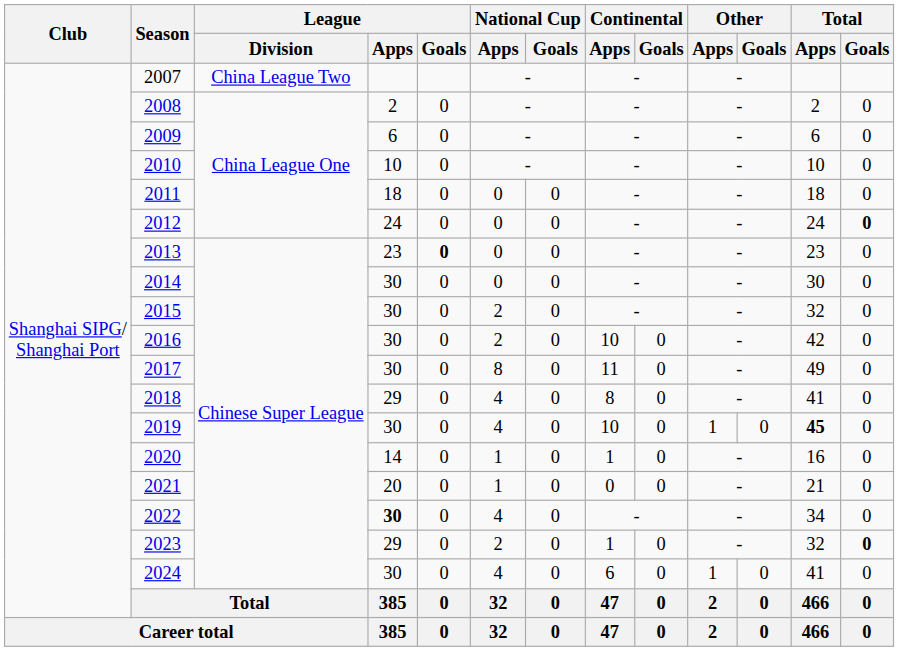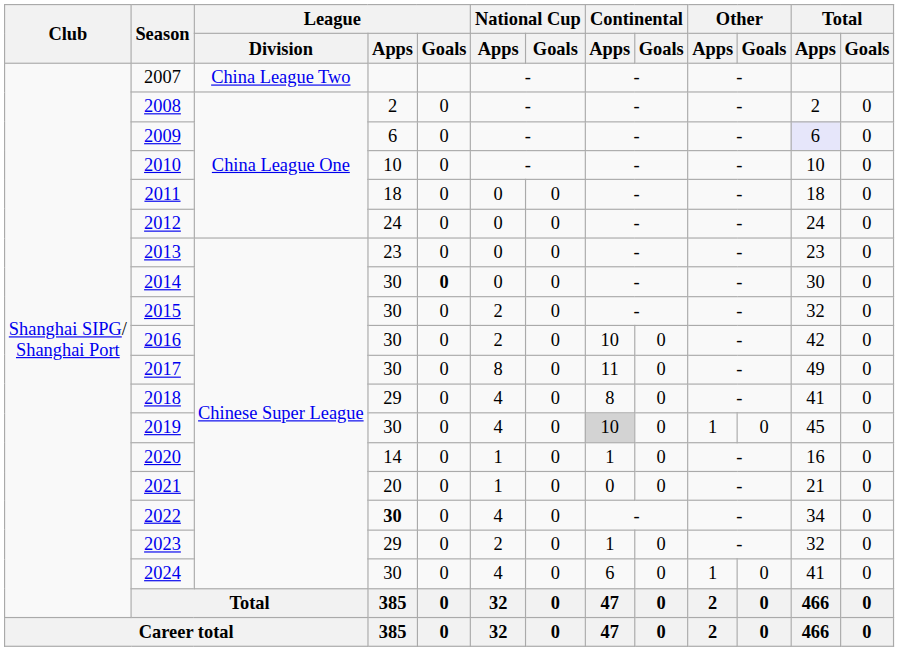 <table class="wikitable" style="text-align: center">
 <tr>
 <th rowspan="2">Club</th>
 <th rowspan="2">Season</th>
 <th colspan="3">League</th>
 <th colspan="2">National Cup</th>
 <th colspan="2">Continental</th>
 <th colspan="2">Other</th>
 <th colspan="2">Total</th>
 </tr>
 <tr>
 <th>Division</th>
 <th>Apps</th>
 <th>Goals</th>
 <th>Apps</th>
 <th>Goals</th>
 <th>Apps</th>
 <th>Goals</th>
 <th>Apps</th>
 <th>Goals</th>
 <th>Apps</th>
 <th>Goals</th>
 </tr>
 <tr>
 <td rowspan=19><a href='#'>Shanghai SIPG</a>/<br><a href='#'>Shanghai Port</a></td>
 <td>2007</td>
 <td><a href='#'>China League Two</a></td>
 <td></td>
 <td></td>
 <td colspan="2">-</td>
 <td colspan="2">-</td>
 <td colspan="2">-</td>
 <td></td>
 <td></td>
 </tr>
 <tr>
 <td><a href='#'>2008</a></td>
 <td rowspan="5"><a href='#'>China League One</a></td>
 <td>2</td>
 <td>0</td>
 <td colspan="2">-</td>
 <td colspan="2">-</td>
 <td colspan="2">-</td>
 <td>2</td>
 <td>0</td>
 </tr>
 <tr>
 <td><a href='#'>2009</a></td>
 <td>6</td>
 <td>0</td>
 <td colspan="2">-</td>
 <td colspan="2">-</td>
 <td colspan="2">-</td>
-<td>6</td>
+<td style="background: lavender;">6</td>
 <td>0</td>
 </tr>
 <tr>
 <td><a href='#'>2010</a></td>
 <td>10</td>
 <td>0</td>
 <td colspan="2">-</td>
 <td colspan="2">-</td>
 <td colspan="2">-</td>
 <td>10</td>
 <td>0</td>
 </tr>
 <tr>
 <td><a href='#'>2011</a></td>
 <td>18</td>
 <td>0</td>
 <td>0</td>
 <td>0</td>
 <td colspan="2">-</td>
 <td colspan="2">-</td>
 <td>18</td>
 <td>0</td>
 </tr>
 <tr>
 <td><a href='#'>2012</a></td>
 <td>24</td>
 <td>0</td>
 <td>0</td>
 <td>0</td>
 <td colspan="2">-</td>
 <td colspan="2">-</td>
 <td>24</td>
-<td><strong>0</strong></td>
+<td>0</td>
 </tr>
 <tr>
 <td><a href='#'>2013</a></td>
 <td rowspan=12><a href='#'>Chinese Super League</a></td>
 <td>23</td>
-<td><strong>0</strong></td>
+<td>0</td>
 <td>0</td>
 <td>0</td>
 <td colspan="2">-</td>
 <td colspan="2">-</td>
 <td>23</td>
 <td>0</td>
 </tr>
 <tr>
 <td><a href='#'>2014</a></td>
 <td>30</td>
-<td>0</td>
+<td><strong>0</strong></td>
 <td>0</td>
 <td>0</td>
 <td colspan="2">-</td>
 <td colspan="2">-</td>
 <td>30</td>
 <td>0</td>
 </tr>
 <tr>
 <td><a href='#'>2015</a></td>
 <td>30</td>
 <td>0</td>
 <td>2</td>
 <td>0</td>
 <td colspan="2">-</td>
 <td colspan="2">-</td>
 <td>32</td>
 <td>0</td>
 </tr>
 <tr>
 <td><a href='#'>2016</a></td>
 <td>30</td>
 <td>0</td>
 <td>2</td>
 <td>0</td>
 <td>10</td>
 <td>0</td>
 <td colspan="2">-</td>
 <td>42</td>
 <td>0</td>
 </tr>
 <tr>
 <td><a href='#'>2017</a></td>
 <td>30</td>
 <td>0</td>
 <td>8</td>
 <td>0</td>
 <td>11</td>
 <td>0</td>
 <td colspan="2">-</td>
 <td>49</td>
 <td>0</td>
 </tr>
 <tr>
 <td><a href='#'>2018</a></td>
 <td>29</td>
 <td>0</td>
 <td>4</td>
 <td>0</td>
 <td>8</td>
 <td>0</td>
 <td colspan="2">-</td>
 <td>41</td>
 <td>0</td>
 </tr>
 <tr>
 <td><a href='#'>2019</a></td>
 <td>30</td>
 <td>0</td>
 <td>4</td>
 <td>0</td>
-<td>10</td>
+<td style="background: lightgrey;">10</td>
 <td>0</td>
 <td>1</td>
 <td>0</td>
-<td><strong>45</strong></td>
+<td>45</td>
 <td>0</td>
 </tr>
 <tr>
 <td><a href='#'>2020</a></td>
 <td>14</td>
 <td>0</td>
 <td>1</td>
 <td>0</td>
 <td>1</td>
 <td>0</td>
 <td colspan="2">-</td>
 <td>16</td>
 <td>0</td>
 </tr>
 <tr>
 <td><a href='#'>2021</a></td>
 <td>20</td>
 <td>0</td>
 <td>1</td>
 <td>0</td>
 <td>0</td>
 <td>0</td>
 <td colspan="2">-</td>
 <td>21</td>
 <td>0</td>
 </tr>
 <tr>
 <td><a href='#'>2022</a></td>
 <td><strong>30</strong></td>
 <td>0</td>
 <td>4</td>
 <td>0</td>
 <td colspan="2">-</td>
 <td colspan="2">-</td>
 <td>34</td>
 <td>0</td>
 </tr>
 <tr>
 <td><a href='#'>2023</a></td>
 <td>29</td>
 <td>0</td>
 <td>2</td>
 <td>0</td>
 <td>1</td>
 <td>0</td>
 <td colspan="2">-</td>
 <td>32</td>
-<td><strong>0</strong></td>
+<td>0</td>
 </tr>
 <tr>
 <td><a href='#'>2024</a></td>
 <td>30</td>
 <td>0</td>
 <td>4</td>
 <td>0</td>
 <td>6</td>
 <td>0</td>
 <td>1</td>
 <td>0</td>
 <td>41</td>
 <td>0</td>
 </tr>
 <tr>
 <th colspan=2>Total</th>
 <th>385</th>
 <th>0</th>
 <th>32</th>
 <th>0</th>
 <th>47</th>
 <th>0</th>
 <th>2</th>
 <th>0</th>
 <th>466</th>
 <th>0</th>
 </tr>
 <tr>
 <th colspan=3>Career total</th>
 <th>385</th>
 <th>0</th>
 <th>32</th>
 <th>0</th>
 <th>47</th>
 <th>0</th>
 <th>2</th>
 <th>0</th>
 <th>466</th>
 <th>0</th>
 </tr>
 </table>
